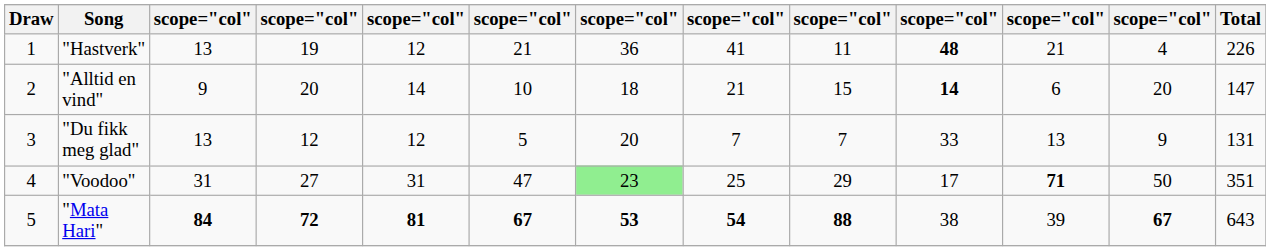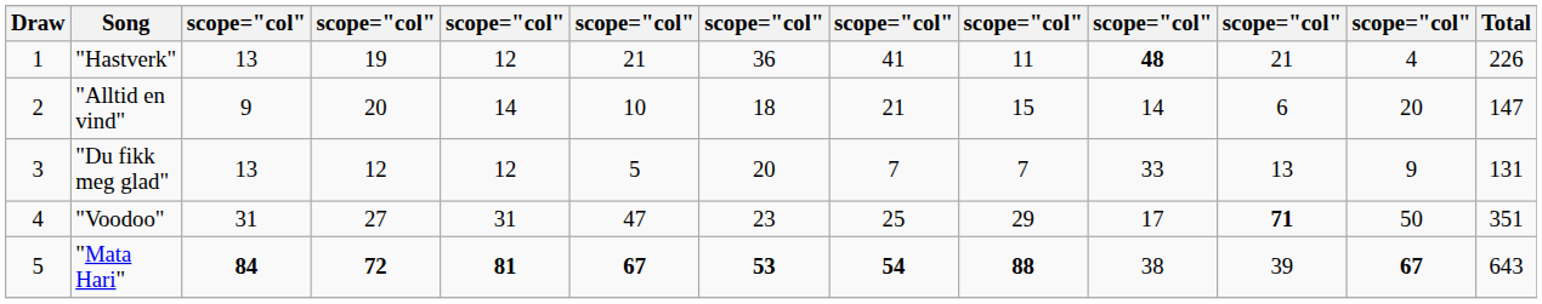 <table class="wikitable plainrowheaders" style="margin: 1em auto 1em auto; text-align:center;">
 <tr>
 </tr>
 <tr>
 <th scope="col">Draw</th>
 <th scope="col">Song</th>
 <th>scope="col" </th>
 <th>scope="col" </th>
 <th>scope="col" </th>
 <th>scope="col" </th>
 <th>scope="col" </th>
 <th>scope="col" </th>
 <th>scope="col" </th>
 <th>scope="col" </th>
 <th>scope="col" </th>
 <th>scope="col" </th>
 <th scope="col">Total</th>
 </tr>
 <tr>
 <td>1</td>
 <td align=left>"Hastverk"</td>
 <td>13</td>
 <td>19</td>
 <td>12</td>
 <td>21</td>
 <td>36</td>
 <td>41</td>
 <td>11</td>
 <td><strong>48</strong></td>
 <td>21</td>
 <td>4</td>
 <td>226</td>
 </tr>
 <tr>
 <td>2</td>
 <td align=left>"Alltid en vind"</td>
 <td>9</td>
 <td>20</td>
 <td>14</td>
 <td>10</td>
 <td>18</td>
 <td>21</td>
 <td>15</td>
-<td><strong>14</strong></td>
+<td>14</td>
 <td>6</td>
 <td>20</td>
 <td>147</td>
 </tr>
 <tr>
 <td>3</td>
 <td align=left>"Du fikk meg glad"</td>
 <td>13</td>
 <td>12</td>
 <td>12</td>
 <td>5</td>
 <td>20</td>
 <td>7</td>
 <td>7</td>
 <td>33</td>
 <td>13</td>
 <td>9</td>
 <td>131</td>
 </tr>
 <tr>
 <td>4</td>
 <td align=left>"Voodoo"</td>
 <td>31</td>
 <td>27</td>
 <td>31</td>
 <td>47</td>
-<td style="background: lightgreen;">23</td>
+<td>23</td>
 <td>25</td>
 <td>29</td>
 <td>17</td>
 <td><strong>71</strong></td>
 <td>50</td>
 <td>351</td>
 </tr>
 <tr>
 <td>5</td>
 <td align=left>"<a href='#'>Mata Hari</a>"</td>
 <td><strong>84</strong></td>
 <td><strong>72</strong></td>
 <td><strong>81</strong></td>
 <td><strong>67</strong></td>
 <td><strong>53</strong></td>
 <td><strong>54</strong></td>
 <td><strong>88</strong></td>
 <td>38</td>
 <td>39</td>
 <td><strong>67</strong></td>
 <td>643</td>
 </tr>
 <tr>
 </tr>
 </table>
